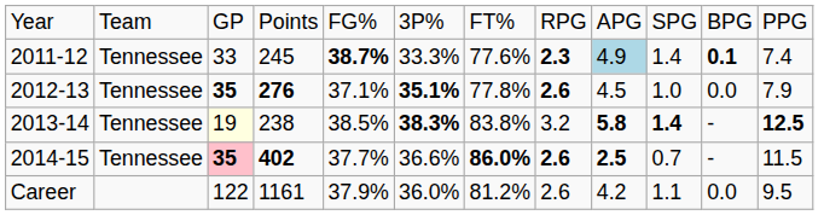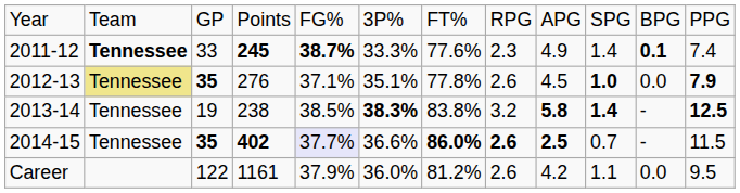 <table class="wikitable">
 <tr>
 <td>Year</td>
 <td>Team</td>
 <td>GP</td>
 <td>Points</td>
 <td>FG%</td>
 <td>3P%</td>
 <td>FT%</td>
 <td>RPG</td>
 <td>APG</td>
 <td>SPG</td>
 <td>BPG</td>
 <td>PPG</td>
 </tr>
 <tr>
 <td>2011-12</td>
-<td>Tennessee</td>
+<td><strong>Tennessee</strong></td>
 <td>33</td>
-<td>245</td>
+<td><strong>245</strong></td>
 <td><strong>38.7%</strong></td>
 <td>33.3%</td>
 <td>77.6%</td>
-<td><strong>2.3</strong></td>
-<td style="background: lightblue;">4.9</td>
+<td>2.3</td>
+<td>4.9</td>
 <td>1.4</td>
 <td><strong>0.1</strong></td>
 <td>7.4</td>
 </tr>
 <tr>
 <td>2012-13</td>
-<td>Tennessee</td>
+<td style="background: khaki;">Tennessee</td>
 <td><strong>35</strong></td>
-<td><strong>276</strong></td>
+<td>276</td>
 <td>37.1%</td>
-<td><strong>35.1%</strong></td>
+<td>35.1%</td>
 <td>77.8%</td>
-<td><strong>2.6</strong></td>
+<td>2.6</td>
 <td>4.5</td>
-<td>1.0</td>
+<td><strong>1.0</strong></td>
 <td>0.0</td>
-<td>7.9</td>
+<td><strong>7.9</strong></td>
 </tr>
 <tr>
 <td>2013-14</td>
 <td>Tennessee</td>
-<td style="background: lightyellow;">19</td>
+<td>19</td>
 <td>238</td>
 <td>38.5%</td>
 <td><strong>38.3%</strong></td>
 <td>83.8%</td>
 <td>3.2</td>
 <td><strong>5.8</strong></td>
 <td><strong>1.4</strong></td>
 <td>-</td>
 <td><strong>12.5</strong></td>
 </tr>
 <tr>
 <td>2014-15</td>
 <td>Tennessee</td>
-<td style="background: pink;"><strong>35</strong></td>
+<td><strong>35</strong></td>
 <td><strong>402</strong></td>
-<td>37.7%</td>
+<td style="background: lavender;">37.7%</td>
 <td>36.6%</td>
 <td><strong>86.0%</strong></td>
 <td><strong>2.6</strong></td>
 <td><strong>2.5</strong></td>
 <td>0.7</td>
 <td>-</td>
 <td>11.5</td>
 </tr>
 <tr>
 <td>Career</td>
 <td></td>
 <td>122</td>
 <td>1161</td>
 <td>37.9%</td>
 <td>36.0%</td>
 <td>81.2%</td>
 <td>2.6</td>
 <td>4.2</td>
 <td>1.1</td>
 <td>0.0</td>
 <td>9.5</td>
 </tr>
 </table>
